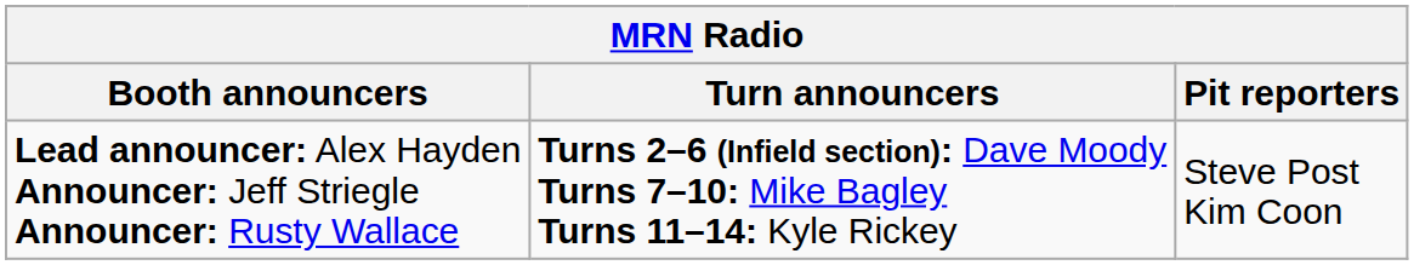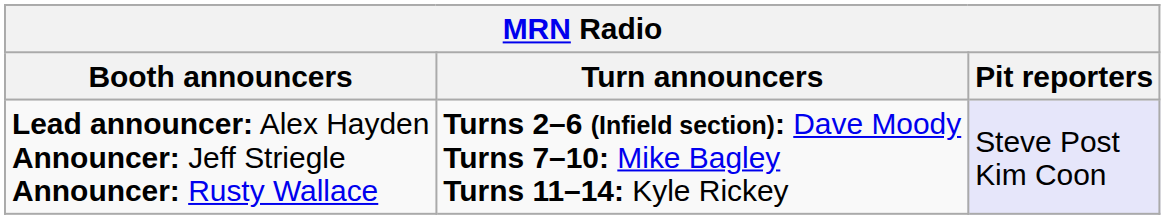 <table class="wikitable" style="font-size: 95%;">
 <tr>
 <th colspan="3"><a href='#'>MRN</a> Radio</th>
 </tr>
 <tr>
 <th>Booth announcers</th>
 <th>Turn announcers</th>
 <th>Pit reporters</th>
 </tr>
 <tr>
 <td><strong>Lead announcer:</strong> Alex Hayden<br><strong>Announcer:</strong> Jeff Striegle<br><strong>Announcer:</strong> <a href='#'>Rusty Wallace</a></td>
 <td><strong>Turns 2–6 <small>(Infield section)</small>:</strong> <a href='#'>Dave Moody</a><br><strong>Turns 7–10:</strong> <a href='#'>Mike Bagley</a><br><strong>Turns 11–14:</strong> Kyle Rickey</td>
-<td>Steve Post<br>Kim Coon</td>
+<td style="background: lavender;">Steve Post<br>Kim Coon</td>
 </tr>
 </table>
